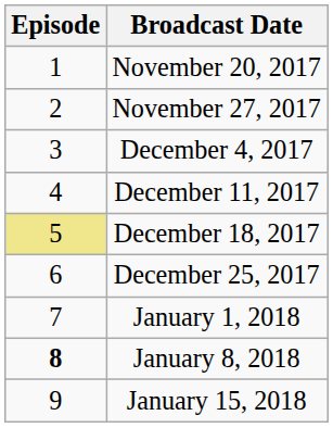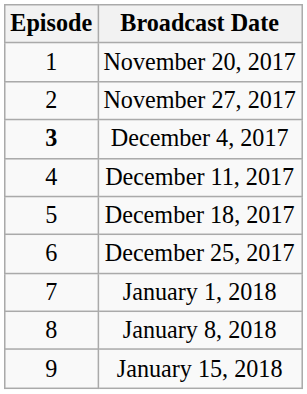 <table class="wikitable" style="text-align:center;">
 <tr>
 <th>Episode</th>
 <th>Broadcast Date</th>
 </tr>
 <tr>
 <td>1</td>
 <td>November 20, 2017</td>
 </tr>
 <tr>
 <td>2</td>
 <td>November 27, 2017</td>
 </tr>
 <tr>
-<td>3</td>
+<td><strong>3</strong></td>
 <td>December 4, 2017</td>
 </tr>
 <tr>
 <td>4</td>
 <td>December 11, 2017</td>
 </tr>
 <tr>
-<td style="background: khaki;">5</td>
+<td>5</td>
 <td>December 18, 2017</td>
 </tr>
 <tr>
 <td>6</td>
 <td>December 25, 2017</td>
 </tr>
 <tr>
 <td>7</td>
 <td>January 1, 2018</td>
 </tr>
 <tr>
-<td><strong>8</strong></td>
+<td>8</td>
 <td>January 8, 2018</td>
 </tr>
 <tr>
 <td>9</td>
 <td>January 15, 2018</td>
 </tr>
 </table>
